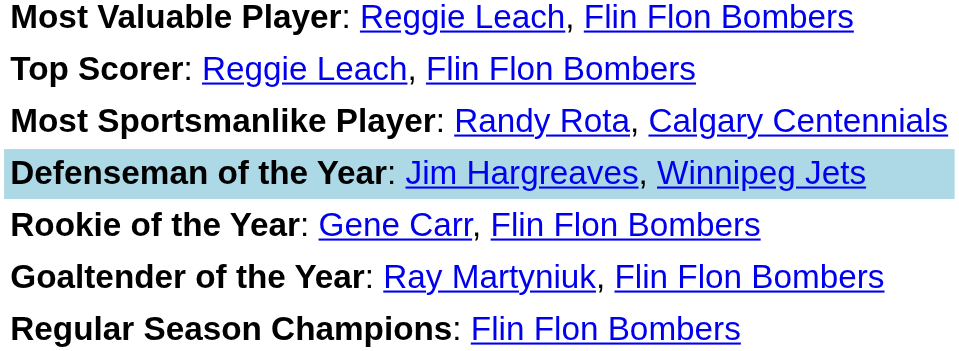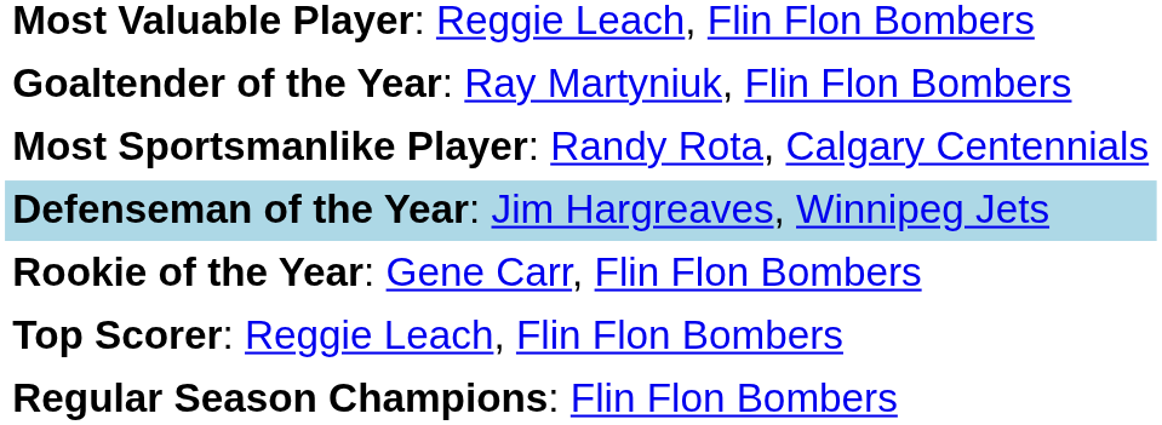 <table cellpadding="3" cellspacing="1">
 <tr>
 <td><strong>Most Valuable Player</strong>: <a href='#'>Reggie Leach</a>, <a href='#'>Flin Flon Bombers</a></td>
 </tr>
 <tr>
-<td><strong>Top Scorer</strong>: <a href='#'>Reggie Leach</a>, <a href='#'>Flin Flon Bombers</a></td>
+<td><strong>Goaltender of the Year</strong>: <a href='#'>Ray Martyniuk</a>, <a href='#'>Flin Flon Bombers</a></td>
 </tr>
 <tr>
 <td><strong>Most Sportsmanlike Player</strong>: <a href='#'>Randy Rota</a>, <a href='#'>Calgary Centennials</a></td>
 </tr>
 <tr>
 <td style="background: lightblue;"><strong>Defenseman of the Year</strong>: <a href='#'>Jim Hargreaves</a>, <a href='#'>Winnipeg Jets</a></td>
 </tr>
 <tr>
 <td><strong>Rookie of the Year</strong>: <a href='#'>Gene Carr</a>, <a href='#'>Flin Flon Bombers</a></td>
 </tr>
 <tr>
-<td><strong>Goaltender of the Year</strong>: <a href='#'>Ray Martyniuk</a>, <a href='#'>Flin Flon Bombers</a></td>
+<td><strong>Top Scorer</strong>: <a href='#'>Reggie Leach</a>, <a href='#'>Flin Flon Bombers</a></td>
 </tr>
 <tr>
 <td><strong>Regular Season Champions</strong>: <a href='#'>Flin Flon Bombers</a></td>
 </tr>
 </table>
